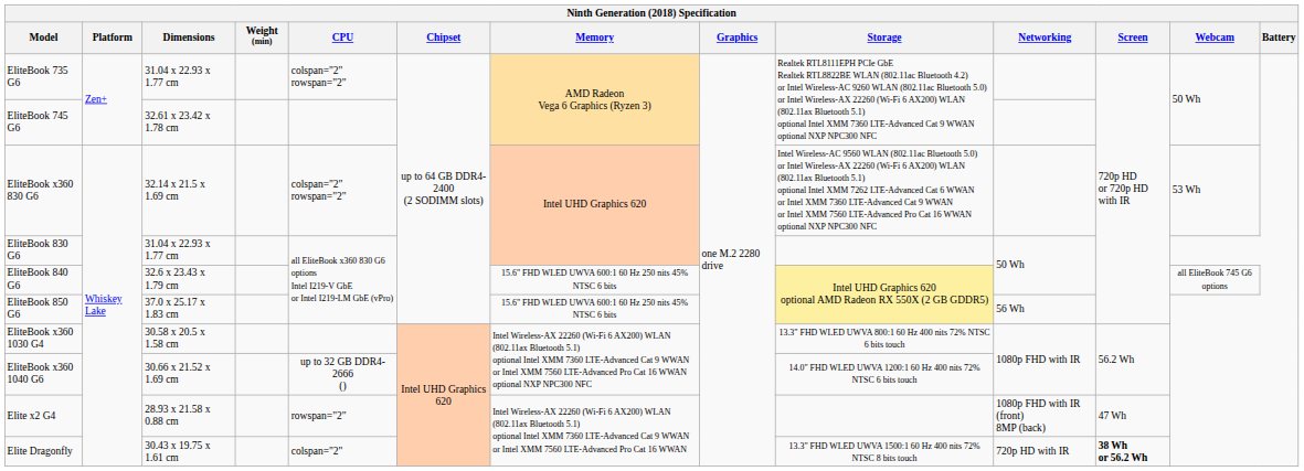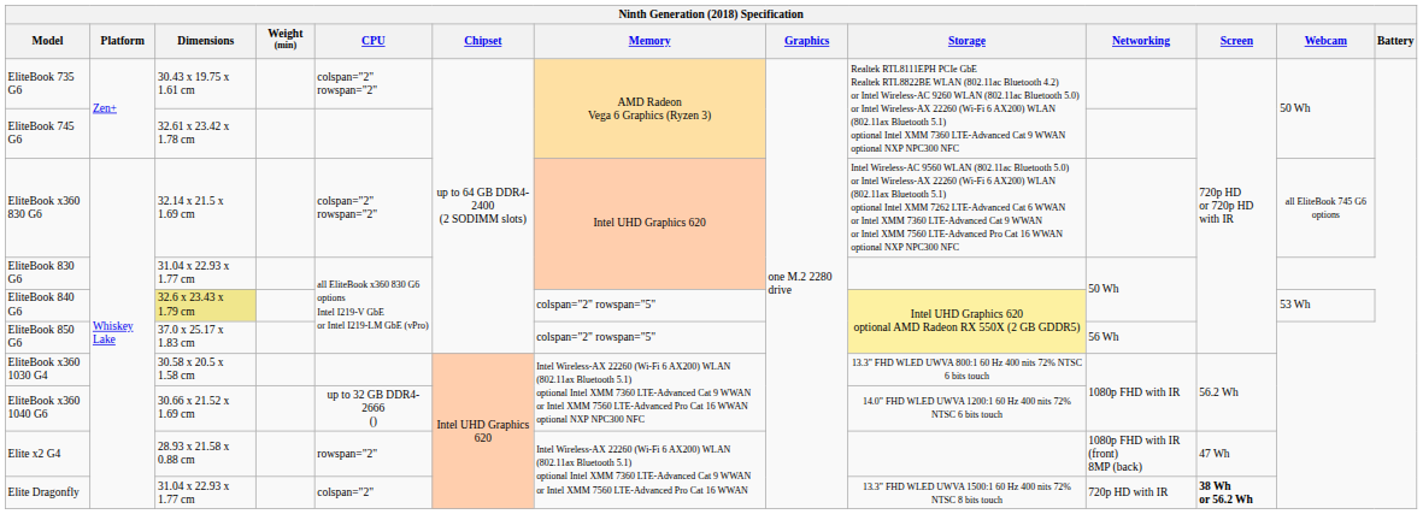 <table class="wikitable mw-collapsible mw-collapsed" style="font-size: 80%; width: 100%;">
 <tr>
 <th colspan="13">Ninth Generation (2018) Specification</th>
 </tr>
 <tr>
 <th width="6%">Model</th>
 <th>Platform</th>
 <th>Dimensions</th>
 <th>Weight <sup>(min)</sup></th>
 <th><a href='#'>CPU</a></th>
 <th><a href='#'>Chipset</a></th>
 <th><a href='#'>Memory</a></th>
 <th><a href='#'>Graphics</a></th>
 <th><a href='#'>Storage</a></th>
 <th><a href='#'>Networking</a></th>
 <th><a href='#'>Screen</a></th>
 <th><a href='#'>Webcam</a></th>
 <th>Battery</th>
 </tr>
 <tr>
 <td>EliteBook 735 G6 </td>
 <td rowspan="2"><a href='#'>Zen+</a></td>
-<td>31.04 x 22.93 x 1.77 cm</td>
+<td>30.43 x 19.75 x 1.61 cm</td>
 <td></td>
 <td>colspan="2" rowspan="2" </td>
 <td rowspan="6" style="text-align:center;background:">up to 64 GB DDR4-2400<br>(2 SODIMM slots)</td>
 <td rowspan="2" style="text-align:center;background:#fee0a3;">AMD Radeon<br>Vega 6 Graphics (Ryzen 3)<br></td>
 <td rowspan="10">one M.2 2280 drive</td>
 <td rowspan="2"><small>Realtek RTL8111EPH PCIe GbE<br>Realtek RTL8822BE WLAN (802.11ac Bluetooth 4.2)<br><span>or Intel Wireless-AC 9260 WLAN (802.11ac Bluetooth 5.0)<br>or Intel Wireless-AX 22260 (Wi-Fi 6 AX200) WLAN (802.11ax Bluetooth 5.1)</span><br>optional Intel XMM 7360 LTE-Advanced Cat 9 WWAN<br>optional NXP NPC300 NFC</small></td>
 <td></td>
 <td rowspan="6">720p HD<br><span>or 720p HD with IR</span></td>
 <td rowspan="2">50 Wh</td>
 </tr>
 <tr>
 <td>EliteBook 745 G6 </td>
 <td>32.61 x 23.42 x 1.78 cm</td>
 <td></td>
 <td></td>
 </tr>
 <tr>
 <td>EliteBook x360 830 G6 </td>
 <td rowspan="8"><a href='#'>Whiskey Lake</a></td>
 <td>32.14 x 21.5 x 1.69 cm</td>
 <td></td>
 <td>colspan="2" rowspan="2" </td>
 <td rowspan="2" style="text-align:center;background:#ffcead;">Intel UHD Graphics 620</td>
 <td><small>Intel Wireless-AC 9560 WLAN (802.11ac Bluetooth 5.0)<br><span>or Intel Wireless-AX 22260 (Wi-Fi 6 AX200) WLAN (802.11ax Bluetooth 5.1)</span><br>optional Intel XMM 7262 LTE-Advanced Cat 6 WWAN<br><span>or Intel XMM 7360 LTE-Advanced Cat 9 WWAN<br>or Intel XMM 7560 LTE-Advanced Pro Cat 16 WWAN</span><br>optional NXP NPC300 NFC</small></td>
 <td></td>
-<td>53 Wh</td>
+<td style="text-align:center;background:"><small>all EliteBook 745 G6 options<br></small></td>
 </tr>
 <tr>
 <td>EliteBook 830 G6 </td>
 <td>31.04 x 22.93 x 1.77 cm</td>
 <td></td>
 <td rowspan="3"><small>all EliteBook x360 830 G6 options<br>Intel I219-V GbE<br><span>or Intel I219-LM GbE (vPro)</span><br></small></td>
 <td></td>
 <td rowspan="2">50 Wh</td>
 </tr>
 <tr>
 <td>EliteBook 840 G6 </td>
-<td>32.6 x 23.43 x 1.79 cm</td>
+<td style="background: khaki;">32.6 x 23.43 x 1.79 cm</td>
 <td></td>
-<td style="text-align:center;background:"><small>15.6" FHD WLED UWVA 600:1 60 Hz 250 nits 45% NTSC 6 bits<br></small></td>
+<td>colspan="2" rowspan="5" </td>
 <td rowspan="2" style="text-align:center;background:#fdf1a1;">Intel UHD Graphics 620<br>optional AMD Radeon RX 550X (2 GB GDDR5)</td>
-<td style="text-align:center;background:"><small>all EliteBook 745 G6 options<br></small></td>
+<td>53 Wh</td>
 </tr>
 <tr>
 <td>EliteBook 850 G6 </td>
 <td>37.0 x 25.17 x 1.83 cm</td>
 <td></td>
-<td style="text-align:center;background:"><small>15.6" FHD WLED UWVA 600:1 60 Hz 250 nits 45% NTSC 6 bits<br></small></td>
+<td>colspan="2" rowspan="5" </td>
 <td>56 Wh</td>
 </tr>
 <tr>
 <td>EliteBook x360 1030 G4 </td>
 <td>30.58 x 20.5 x 1.58 cm</td>
 <td></td>
 <td></td>
 <td rowspan="4" style="text-align:center;background:#ffcead;">Intel UHD Graphics 620</td>
 <td rowspan="2"><small>Intel Wireless-AX 22260 (Wi-Fi 6 AX200) WLAN (802.11ax Bluetooth 5.1)<br>optional Intel XMM 7360 LTE-Advanced Cat 9 WWAN<br><span>or Intel XMM 7560 LTE-Advanced Pro Cat 16 WWAN</span><br>optional NXP NPC300 NFC</small></td>
 <td style="text-align:center;background:"><small>13.3" FHD WLED UWVA 800:1 60 Hz 400 nits 72% NTSC 6 bits touch<br></small></td>
 <td rowspan="2">1080p FHD with IR</td>
 <td rowspan="2">56.2 Wh</td>
 </tr>
 <tr>
 <td>EliteBook x360 1040 G6 </td>
 <td>30.66 x 21.52 x 1.69 cm</td>
 <td></td>
 <td style="text-align:center;background:">up to 32 GB DDR4-2666<br>()</td>
 <td style="text-align:center;background:"><small>14.0" FHD WLED UWVA 1200:1 60 Hz 400 nits 72% NTSC 6 bits touch<br></small></td>
 </tr>
 <tr>
 <td>Elite x2 G4 </td>
 <td>28.93 x 21.58 x 0.88 cm</td>
 <td></td>
 <td>rowspan="2" </td>
 <td rowspan="2"><small>Intel Wireless-AX 22260 (Wi-Fi 6 AX200) WLAN (802.11ax Bluetooth 5.1)<br>optional Intel XMM 7360 LTE-Advanced Cat 9 WWAN<br><span>or Intel XMM 7560 LTE-Advanced Pro Cat 16 WWAN</span></small></td>
 <td></td>
 <td>1080p FHD with IR (front)<br>8MP (back)</td>
 <td>47 Wh</td>
 </tr>
 <tr>
 <td>Elite Dragonfly </td>
-<td>30.43 x 19.75 x 1.61 cm</td>
+<td>31.04 x 22.93 x 1.77 cm</td>
 <td></td>
 <td>colspan="2" </td>
 <td style="text-align:center;background:"><small>13.3" FHD WLED UWVA 1500:1 60 Hz 400 nits 72% NTSC 8 bits touch<br></small></td>
 <td>720p HD with IR</td>
 <td><strong>38 Wh<br><span>or 56.2 Wh</span></strong></td>
 </tr>
 </table>
